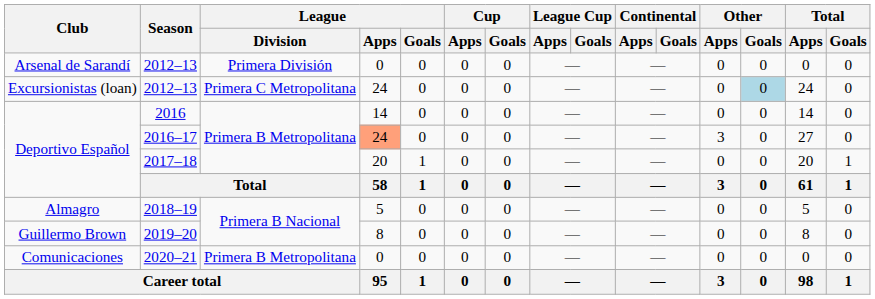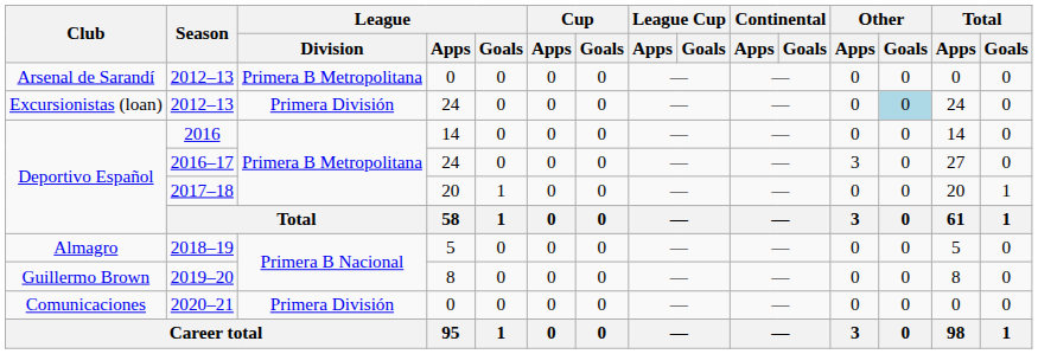 <table class="wikitable" style="text-align:center">
 <tr>
 <th rowspan="2">Club</th>
 <th rowspan="2">Season</th>
 <th colspan="3">League</th>
 <th colspan="2">Cup</th>
 <th colspan="2">League Cup</th>
 <th colspan="2">Continental</th>
 <th colspan="2">Other</th>
 <th colspan="2">Total</th>
 </tr>
 <tr>
 <th>Division</th>
 <th>Apps</th>
 <th>Goals</th>
 <th>Apps</th>
 <th>Goals</th>
 <th>Apps</th>
 <th>Goals</th>
 <th>Apps</th>
 <th>Goals</th>
 <th>Apps</th>
 <th>Goals</th>
 <th>Apps</th>
 <th>Goals</th>
 </tr>
 <tr>
 <td rowspan="1"><a href='#'>Arsenal de Sarandí</a></td>
 <td><a href='#'>2012–13</a></td>
-<td rowspan="1"><a href='#'>Primera División</a></td>
+<td rowspan="1"><a href='#'>Primera B Metropolitana</a></td>
 <td>0</td>
 <td>0</td>
 <td>0</td>
 <td>0</td>
 <td colspan="2">—</td>
 <td colspan="2">—</td>
 <td>0</td>
 <td>0</td>
 <td>0</td>
 <td>0</td>
 </tr>
 <tr>
 <td rowspan="1"><a href='#'>Excursionistas</a> (loan)</td>
 <td><a href='#'>2012–13</a></td>
-<td rowspan="1"><a href='#'>Primera C Metropolitana</a></td>
+<td rowspan="1"><a href='#'>Primera División</a></td>
 <td>24</td>
 <td>0</td>
 <td>0</td>
 <td>0</td>
 <td colspan="2">—</td>
 <td colspan="2">—</td>
 <td>0</td>
 <td style="background: lightblue;">0</td>
 <td>24</td>
 <td>0</td>
 </tr>
 <tr>
 <td rowspan="4"><a href='#'>Deportivo Español</a></td>
 <td><a href='#'>2016</a></td>
 <td rowspan="3"><a href='#'>Primera B Metropolitana</a></td>
 <td>14</td>
 <td>0</td>
 <td>0</td>
 <td>0</td>
 <td colspan="2">—</td>
 <td colspan="2">—</td>
 <td>0</td>
 <td>0</td>
 <td>14</td>
 <td>0</td>
 </tr>
 <tr>
 <td><a href='#'>2016–17</a></td>
-<td style="background: lightsalmon;">24</td>
+<td>24</td>
 <td>0</td>
 <td>0</td>
 <td>0</td>
 <td colspan="2">—</td>
 <td colspan="2">—</td>
 <td>3</td>
 <td>0</td>
 <td>27</td>
 <td>0</td>
 </tr>
 <tr>
 <td><a href='#'>2017–18</a></td>
 <td>20</td>
 <td>1</td>
 <td>0</td>
 <td>0</td>
 <td colspan="2">—</td>
 <td colspan="2">—</td>
 <td>0</td>
 <td>0</td>
 <td>20</td>
 <td>1</td>
 </tr>
 <tr>
 <th colspan="2">Total</th>
 <th>58</th>
 <th>1</th>
 <th>0</th>
 <th>0</th>
 <th colspan="2">—</th>
 <th colspan="2">—</th>
 <th>3</th>
 <th>0</th>
 <th>61</th>
 <th>1</th>
 </tr>
 <tr>
 <td rowspan="1"><a href='#'>Almagro</a></td>
 <td><a href='#'>2018–19</a></td>
 <td rowspan="2"><a href='#'>Primera B Nacional</a></td>
 <td>5</td>
 <td>0</td>
 <td>0</td>
 <td>0</td>
 <td colspan="2">—</td>
 <td colspan="2">—</td>
 <td>0</td>
 <td>0</td>
 <td>5</td>
 <td>0</td>
 </tr>
 <tr>
 <td rowspan="1"><a href='#'>Guillermo Brown</a></td>
 <td><a href='#'>2019–20</a></td>
 <td>8</td>
 <td>0</td>
 <td>0</td>
 <td>0</td>
 <td colspan="2">—</td>
 <td colspan="2">—</td>
 <td>0</td>
 <td>0</td>
 <td>8</td>
 <td>0</td>
 </tr>
 <tr>
 <td rowspan="1"><a href='#'>Comunicaciones</a></td>
 <td><a href='#'>2020–21</a></td>
-<td rowspan="1"><a href='#'>Primera B Metropolitana</a></td>
+<td rowspan="1"><a href='#'>Primera División</a></td>
 <td>0</td>
 <td>0</td>
 <td>0</td>
 <td>0</td>
 <td colspan="2">—</td>
 <td colspan="2">—</td>
 <td>0</td>
 <td>0</td>
 <td>0</td>
 <td>0</td>
 </tr>
 <tr>
 <th colspan="3">Career total</th>
 <th>95</th>
 <th>1</th>
 <th>0</th>
 <th>0</th>
 <th colspan="2">—</th>
 <th colspan="2">—</th>
 <th>3</th>
 <th>0</th>
 <th>98</th>
 <th>1</th>
 </tr>
 </table>
